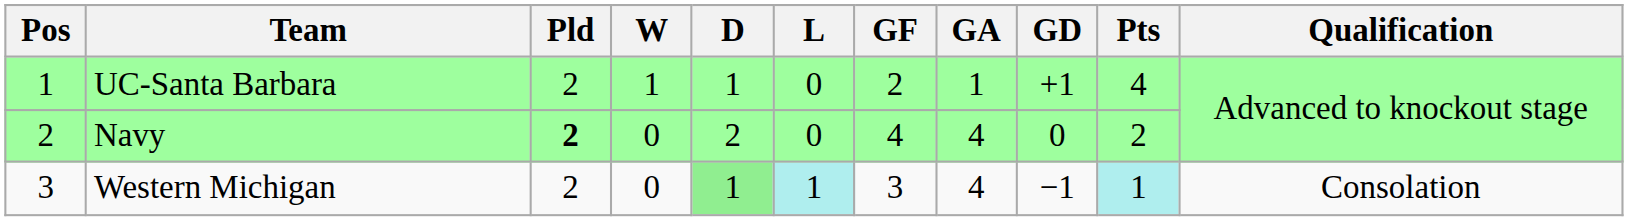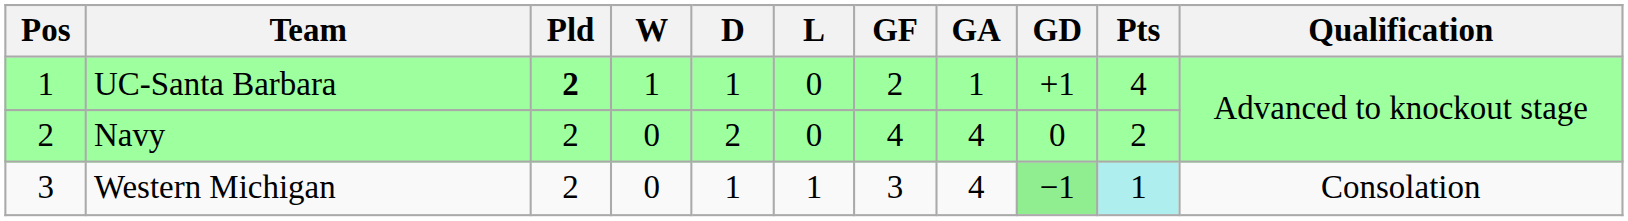 <table class="wikitable" style="text-align:center; margin: 1em auto">
 <tr>
 <th style="width:2em">Pos</th>
 <th style="width:13em">Team</th>
 <th style="width:2em">Pld</th>
 <th style="width:2em">W</th>
 <th style="width:2em">D</th>
 <th style="width:2em">L</th>
 <th style="width:2em">GF</th>
 <th style="width:2em">GA</th>
 <th style="width:2em">GD</th>
 <th style="width:2em">Pts</th>
 <th style="width:13em">Qualification</th>
 </tr>
 <tr bgcolor="#9eff9e">
 <td>1</td>
 <td style="text-align:left">UC-Santa Barbara</td>
-<td>2</td>
+<td><strong>2</strong></td>
 <td>1</td>
 <td>1</td>
 <td>0</td>
 <td>2</td>
 <td>1</td>
 <td>+1</td>
 <td>4</td>
 <td rowspan="2">Advanced to knockout stage</td>
 </tr>
 <tr bgcolor="#9eff9e">
 <td>2</td>
 <td style="text-align:left">Navy</td>
-<td><strong>2</strong></td>
+<td>2</td>
 <td>0</td>
 <td>2</td>
 <td>0</td>
 <td>4</td>
 <td>4</td>
 <td>0</td>
 <td>2</td>
 </tr>
 <tr>
 <td>3</td>
 <td style="text-align:left">Western Michigan</td>
 <td>2</td>
 <td>0</td>
-<td style="background: lightgreen;">1</td>
-<td style="background: paleturquoise;">1</td>
+<td>1</td>
+<td>1</td>
 <td>3</td>
 <td>4</td>
-<td>−1</td>
+<td style="background: lightgreen;">−1</td>
 <td style="background: paleturquoise;">1</td>
 <td>Consolation</td>
 </tr>
 </table>
